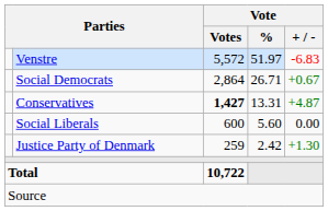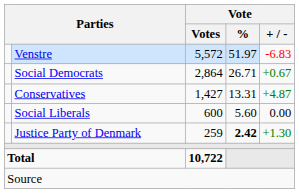 <table class="wikitable" style="text-align:right;">
 <tr>
 <th style="text-align:centre;" rowspan="2" colspan="2" width="225">Parties</th>
 <th colspan="3">Vote</th>
 </tr>
 <tr>
 <th width="15">Votes</th>
 <th width="15">%</th>
 <th width="15">+ / -</th>
 </tr>
 <tr>
 <td width="2" style="color:inherit;background:"></td>
 <td bgcolor=#cfe5fe  align="left"><a href='#'>Venstre</a></td>
 <td bgcolor=#cfe5fe>5,572</td>
 <td bgcolor=#cfe5fe>51.97</td>
 <td style=color:red;>-6.83</td>
 </tr>
 <tr>
 <td width="2" style="color:inherit;background:"></td>
 <td align="left"><a href='#'>Social Democrats</a></td>
 <td>2,864</td>
 <td>26.71</td>
 <td style=color:green;>+0.67</td>
 </tr>
 <tr>
 <td width="2" style="color:inherit;background:"></td>
 <td align="left"><a href='#'>Conservatives</a></td>
-<td><strong>1,427</strong></td>
+<td>1,427</td>
 <td>13.31</td>
 <td style=color:green;>+4.87</td>
 </tr>
 <tr>
 <td width="2" style="color:inherit;background:"></td>
 <td align="left"><a href='#'>Social Liberals</a></td>
 <td>600</td>
 <td>5.60</td>
 <td>0.00</td>
 </tr>
 <tr>
 <td width="2" style="color:inherit;background:"></td>
 <td align="left"><a href='#'>Justice Party of Denmark</a></td>
 <td>259</td>
-<td>2.42</td>
+<td><strong>2.42</strong></td>
 <td style=color:green;>+1.30</td>
 </tr>
 <tr>
 <td colspan="7" bgcolor="#E9E9E9"></td>
 </tr>
 <tr>
 <td align="left" colspan="2"><strong>Total</strong></td>
 <td><strong>10,722</strong></td>
 <td bgcolor="#E9E9E9" colspan="2"></td>
 </tr>
 <tr>
 <td align="left" colspan="6">Source</td>
 </tr>
 </table>
